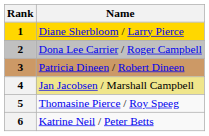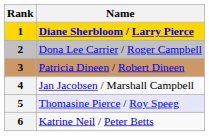 <table class="wikitable">
 <tr>
 <th>Rank</th>
 <th>Name</th>
 </tr>
 <tr bgcolor="gold">
 <td align="center"><strong>1</strong></td>
-<td><a href='#'>Diane Sherbloom</a> / <a href='#'>Larry Pierce</a></td>
+<td><strong><a href='#'>Diane Sherbloom</a> / <a href='#'>Larry Pierce</a></strong></td>
 </tr>
 <tr bgcolor="silver">
 <td align="center"><strong>2</strong></td>
 <td><a href='#'>Dona Lee Carrier</a> / <a href='#'>Roger Campbell</a></td>
 </tr>
 <tr bgcolor="cc9966">
 <td align="center"><strong>3</strong></td>
 <td><a href='#'>Patricia Dineen</a> / <a href='#'>Robert Dineen</a></td>
 </tr>
 <tr>
 <th>4</th>
-<td style="background: khaki;"><a href='#'>Jan Jacobsen</a> / Marshall Campbell</td>
+<td><a href='#'>Jan Jacobsen</a> / Marshall Campbell</td>
 </tr>
 <tr>
 <th>5</th>
-<td><a href='#'>Thomasine Pierce</a> / <a href='#'>Roy Speeg</a></td>
+<td style="background: lavender;"><a href='#'>Thomasine Pierce</a> / <a href='#'>Roy Speeg</a></td>
 </tr>
 <tr>
 <th>6</th>
 <td><a href='#'>Katrine Neil</a> / <a href='#'>Peter Betts</a></td>
 </tr>
 </table>
